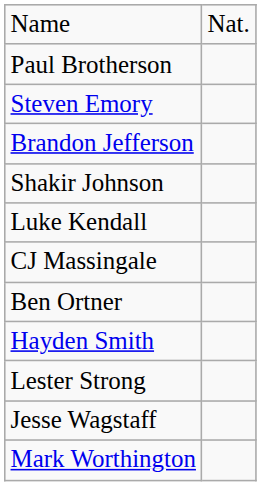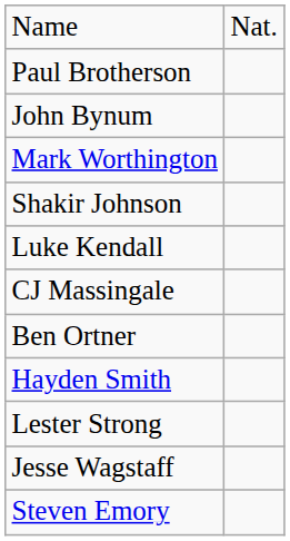 <table class="wikitable sortable">
 <tr>
 <td>Name</td>
 <td>Nat.</td>
 </tr>
 <tr>
 <td>Paul Brotherson</td>
 <td></td>
 </tr>
 <tr>
-<td><a href='#'>Steven Emory</a></td>
+<td>John Bynum</td>
 <td></td>
 </tr>
 <tr>
-<td><a href='#'>Brandon Jefferson</a></td>
+<td><a href='#'>Mark Worthington</a></td>
 <td></td>
 </tr>
 <tr>
 <td>Shakir Johnson</td>
 <td></td>
 </tr>
 <tr>
 <td>Luke Kendall</td>
 <td></td>
 </tr>
 <tr>
 <td>CJ Massingale</td>
 <td></td>
 </tr>
 <tr>
 <td>Ben Ortner</td>
 <td></td>
 </tr>
 <tr>
 <td><a href='#'>Hayden Smith</a></td>
 <td></td>
 </tr>
 <tr>
 <td>Lester Strong</td>
 <td></td>
 </tr>
 <tr>
 <td>Jesse Wagstaff</td>
 <td></td>
 </tr>
 <tr>
-<td><a href='#'>Mark Worthington</a></td>
+<td><a href='#'>Steven Emory</a></td>
 <td></td>
 </tr>
 </table>
